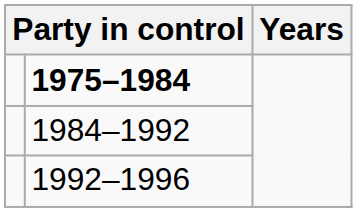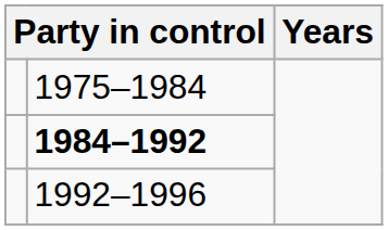 <table class="wikitable">
 <tr>
 <th colspan="2">Party in control</th>
 <th>Years</th>
 </tr>
 <tr>
 <td></td>
-<td><strong>1975–1984</strong></td>
+<td>1975–1984</td>
 </tr>
 <tr>
 <td></td>
-<td>1984–1992</td>
+<td><strong>1984–1992</strong></td>
 </tr>
 <tr>
 <td></td>
 <td>1992–1996</td>
 </tr>
 </table>
